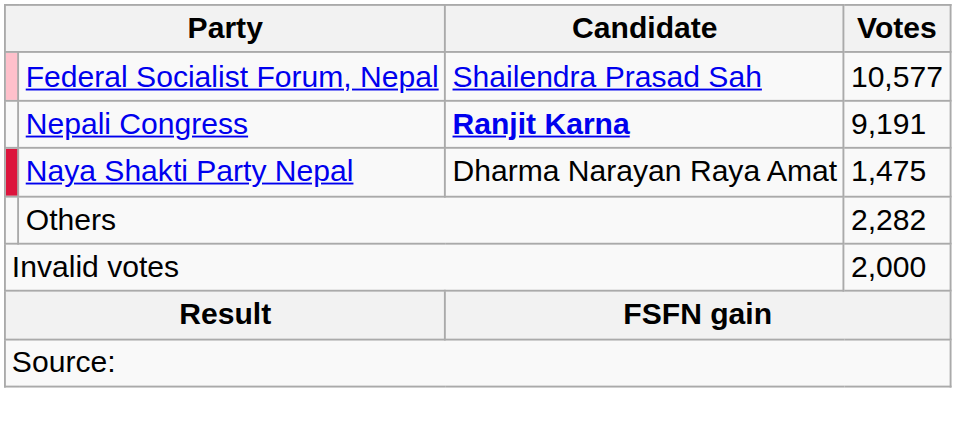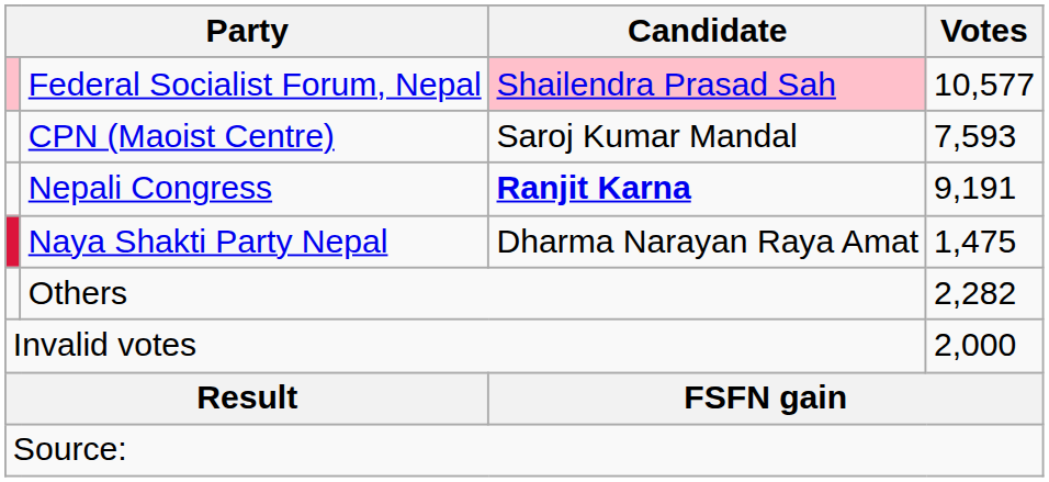 <table class="wikitable">
 <tr>
 <th colspan="2">Party</th>
 <th>Candidate</th>
 <th>Votes</th>
 </tr>
 <tr>
 <td style="background-color:pink"></td>
 <td><a href='#'>Federal Socialist Forum, Nepal</a></td>
-<td><a href='#'>Shailendra Prasad Sah</a></td>
+<td style="background: pink;"><a href='#'>Shailendra Prasad Sah</a></td>
 <td>10,577</td>
+</tr>
+<tr>
+<td style="background-color:"></td>
+<td><a href='#'>CPN (Maoist Centre)</a></td>
+<td>Saroj Kumar Mandal</td>
+<td>7,593</td>
 </tr>
 <tr>
 <td style="background-color:"></td>
 <td><a href='#'>Nepali Congress</a></td>
 <td><strong><a href='#'>Ranjit Karna</a></strong></td>
 <td>9,191</td>
 </tr>
 <tr>
 <td style="background-color:crimson"></td>
 <td><a href='#'>Naya Shakti Party Nepal</a></td>
 <td>Dharma Narayan Raya Amat</td>
 <td>1,475</td>
 </tr>
 <tr>
 <td></td>
 <td colspan="2">Others</td>
 <td>2,282</td>
 </tr>
 <tr>
 <td colspan="3">Invalid votes</td>
 <td>2,000</td>
 </tr>
 <tr>
 <th colspan="2">Result</th>
 <th colspan="2">FSFN gain</th>
 </tr>
 <tr>
 <td colspan="4">Source: </td>
 </tr>
 </table>
